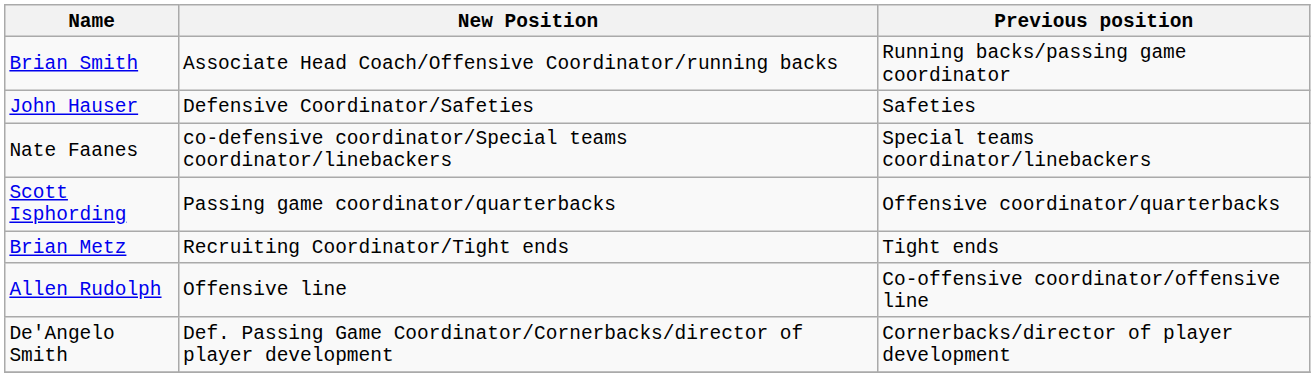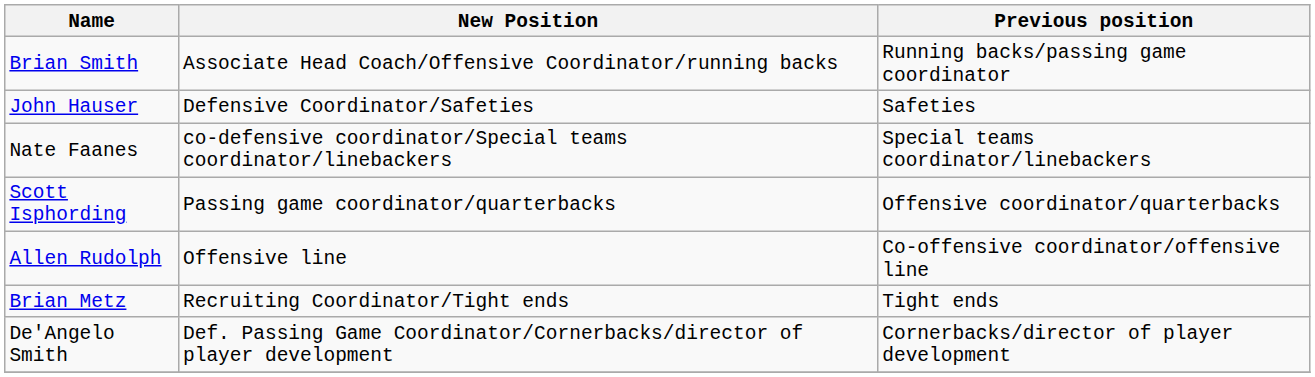 <table class="wikitable">
 <tr>
 <th style="text-align:center;">Name</th>
 <th style="text-align:center;">New Position</th>
 <th style="text-align:center;">Previous position</th>
 </tr>
 <tr>
 <td><a href='#'>Brian Smith</a></td>
 <td>Associate Head Coach/Offensive Coordinator/running backs</td>
 <td>Running backs/passing game coordinator</td>
 </tr>
 <tr>
 <td><a href='#'>John Hauser</a></td>
 <td>Defensive Coordinator/Safeties</td>
 <td>Safeties</td>
 </tr>
 <tr>
 <td>Nate Faanes</td>
 <td>co-defensive coordinator/Special teams coordinator/linebackers</td>
 <td>Special teams coordinator/linebackers</td>
 </tr>
 <tr>
 <td><a href='#'>Scott Isphording</a></td>
 <td>Passing game coordinator/quarterbacks</td>
 <td>Offensive coordinator/quarterbacks</td>
 </tr>
 <tr>
+<td><a href='#'>Allen Rudolph</a></td>
+<td>Offensive line</td>
+<td>Co-offensive coordinator/offensive line</td>
+</tr>
+<tr>
 <td><a href='#'>Brian Metz</a></td>
 <td>Recruiting Coordinator/Tight ends</td>
 <td>Tight ends</td>
-</tr>
-<tr>
-<td><a href='#'>Allen Rudolph</a></td>
-<td>Offensive line</td>
-<td>Co-offensive coordinator/offensive line</td>
 </tr>
 <tr>
 <td>De'Angelo Smith</td>
 <td>Def. Passing Game Coordinator/Cornerbacks/director of player development</td>
 <td>Cornerbacks/director of player development</td>
 </tr>
 <tr>
 </tr>
 </table>
